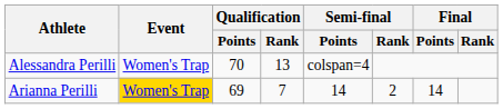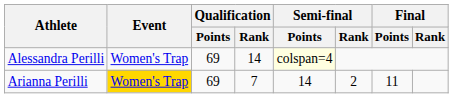 <table class="wikitable" style="font-size:90%;">
 <tr>
 <th rowspan=2>Athlete</th>
 <th rowspan=2>Event</th>
 <th colspan=2>Qualification</th>
 <th colspan=2>Semi-final</th>
 <th colspan=2>Final</th>
 </tr>
 <tr style="font-size:95%">
 <th>Points</th>
 <th>Rank</th>
 <th>Points</th>
 <th>Rank</th>
 <th>Points</th>
 <th>Rank</th>
 </tr>
 <tr align=center>
 <td align=left><a href='#'>Alessandra Perilli</a></td>
 <td align=left><a href='#'>Women's Trap</a></td>
-<td>70</td>
-<td>13</td>
-<td>colspan=4 </td>
+<td>69</td>
+<td>14</td>
+<td style="background: lightyellow;">colspan=4 </td>
 </tr>
 <tr align=center>
 <td align=left><a href='#'>Arianna Perilli</a></td>
 <td align=left style="background: gold;"><a href='#'>Women's Trap</a></td>
 <td>69</td>
 <td>7</td>
 <td>14</td>
 <td>2</td>
-<td>14</td>
+<td>11</td>
 <td></td>
 </tr>
 </table>
